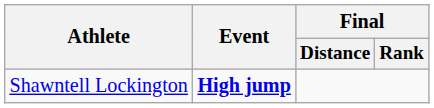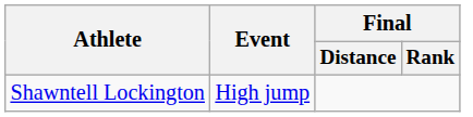 <table class=wikitable style="font-size:90%">
 <tr>
 <th rowspan=2>Athlete</th>
 <th rowspan=2>Event</th>
 <th colspan=2>Final</th>
 </tr>
 <tr style="font-size:95%">
 <th>Distance</th>
 <th>Rank</th>
 </tr>
 <tr align=center>
 <td align=left><a href='#'>Shawntell Lockington</a></td>
-<td align=left><strong><a href='#'>High jump</a></strong></td>
+<td align=left><a href='#'>High jump</a></td>
 <td colspan=2></td>
 </tr>
 </table>
